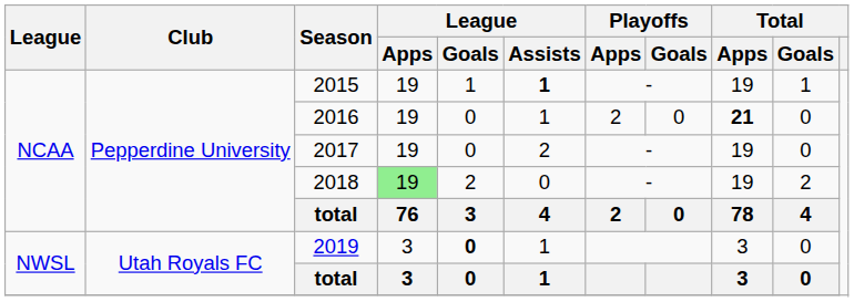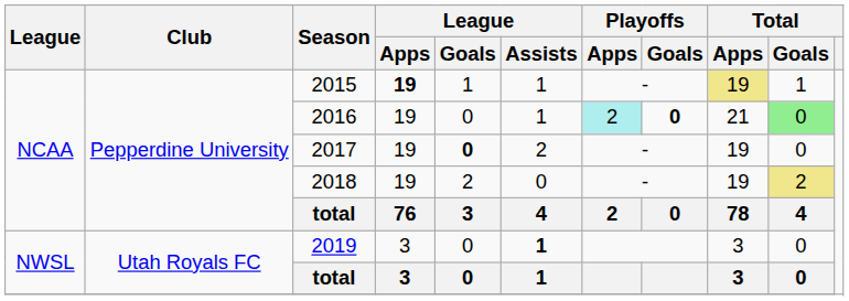 <table class="wikitable" style="text-align: center;">
 <tr>
 <th rowspan="2">League</th>
 <th rowspan="2">Club</th>
 <th rowspan="2">Season</th>
 <th colspan="3">League</th>
 <th colspan="2">Playoffs</th>
 <th colspan="3">Total</th>
 </tr>
 <tr>
 <th>Apps</th>
 <th>Goals</th>
 <th>Assists</th>
 <th>Apps</th>
 <th>Goals</th>
 <th>Apps</th>
 <th>Goals</th>
 <th></th>
 </tr>
 <tr>
 <td rowspan="5"><a href='#'>NCAA</a></td>
 <td rowspan="5"><a href='#'>Pepperdine University</a></td>
 <td>2015</td>
-<td>19</td>
+<td><strong>19</strong></td>
 <td>1</td>
-<td><strong>1</strong></td>
+<td>1</td>
 <td colspan=2>-</td>
-<td>19</td>
+<td style="background: khaki;">19</td>
 <td>1</td>
 </tr>
 <tr>
 <td>2016</td>
 <td>19</td>
 <td>0</td>
 <td>1</td>
-<td>2</td>
-<td>0</td>
-<td><strong>21</strong></td>
-<td>0</td>
+<td style="background: paleturquoise;">2</td>
+<td><strong>0</strong></td>
+<td>21</td>
+<td style="background: lightgreen;">0</td>
 </tr>
 <tr>
 <td>2017</td>
 <td>19</td>
-<td>0</td>
+<td><strong>0</strong></td>
 <td>2</td>
 <td colspan=2>-</td>
 <td>19</td>
 <td>0</td>
 </tr>
 <tr>
 <td>2018</td>
-<td style="background: lightgreen;">19</td>
+<td>19</td>
 <td>2</td>
 <td>0</td>
 <td colspan=2>-</td>
 <td>19</td>
-<td>2</td>
+<td style="background: khaki;">2</td>
 </tr>
 <tr>
 <th>total</th>
 <th>76</th>
 <th>3</th>
 <th>4</th>
 <th>2</th>
 <th>0</th>
 <th>78</th>
 <th>4</th>
 </tr>
 <tr>
 <td rowspan="2"><a href='#'>NWSL</a></td>
 <td rowspan="2"><a href='#'>Utah Royals FC</a></td>
 <td><a href='#'>2019</a></td>
 <td>3</td>
-<td><strong>0</strong></td>
-<td>1</td>
+<td>0</td>
+<td><strong>1</strong></td>
 <td colspan="2"></td>
 <td>3</td>
 <td>0</td>
 </tr>
 <tr>
 <th>total</th>
 <th>3</th>
 <th>0</th>
 <th>1</th>
 <th></th>
 <th></th>
 <th>3</th>
 <th>0</th>
 </tr>
 <tr>
 </tr>
 </table>
